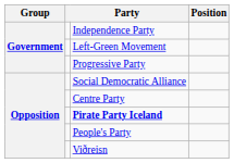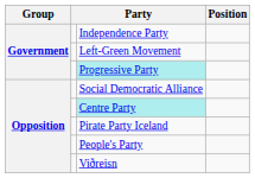 <table class="wikitable" style="font-size: 90%;">
 <tr>
 <th>Group</th>
 <th colspan="2">Party</th>
 <th>Position</th>
 </tr>
 <tr>
 <th rowspan="3" style="vertical-align: center;"><a href='#'>Government</a></th>
 <td></td>
 <td><a href='#'>Independence Party</a></td>
 <td></td>
 </tr>
 <tr>
 <td></td>
 <td><a href='#'>Left-Green Movement</a></td>
 <td></td>
 </tr>
 <tr>
 <td></td>
-<td><a href='#'>Progressive Party</a></td>
+<td style="background: paleturquoise;"><a href='#'>Progressive Party</a></td>
 <td></td>
 </tr>
 <tr>
 <th rowspan="5" style="vertical-align: center;"><a href='#'>Opposition</a></th>
 <td></td>
 <td><a href='#'>Social Democratic Alliance</a></td>
 <td></td>
 </tr>
 <tr>
 <td></td>
-<td><a href='#'>Centre Party</a></td>
+<td style="background: paleturquoise;"><a href='#'>Centre Party</a></td>
 <td></td>
 </tr>
 <tr>
 <td></td>
-<td><strong><a href='#'>Pirate Party Iceland</a></strong></td>
+<td><a href='#'>Pirate Party Iceland</a></td>
 <td></td>
 </tr>
 <tr>
 <td></td>
 <td><a href='#'>People's Party</a></td>
 <td></td>
 </tr>
 <tr>
 <td></td>
 <td><a href='#'>Viðreisn</a></td>
 <td></td>
 </tr>
 </table>
